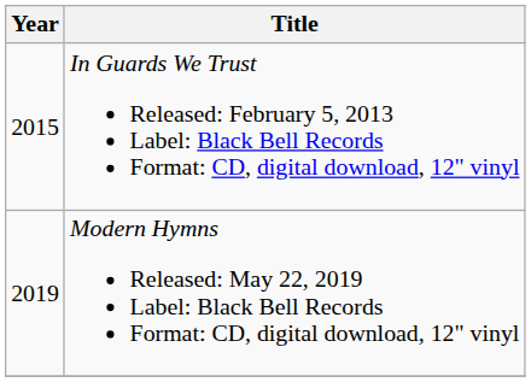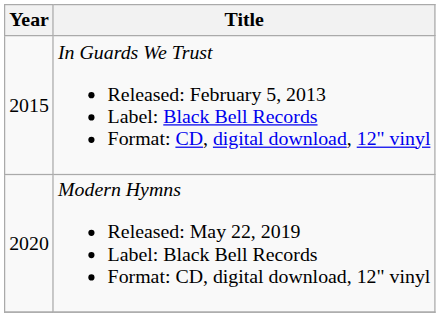 <table class="wikitable">
 <tr>
 <th>Year</th>
 <th>Title</th>
 </tr>
 <tr>
 <td>2015</td>
 <td><em>In Guards We Trust</em><br><ul><li>Released: February 5, 2013</li><li>Label: <a href='#'>Black Bell Records</a></li><li>Format: <a href='#'>CD</a>, <a href='#'>digital download</a>, <a href='#'>12" vinyl</a></li></ul></td>
 </tr>
 <tr>
-<td>2019</td>
+<td>2020</td>
 <td><em>Modern Hymns</em><br><ul><li>Released: May 22, 2019</li><li>Label: Black Bell Records</li><li>Format: CD, digital download, 12" vinyl</li></ul></td>
 </tr>
 <tr>
 </tr>
 </table>
